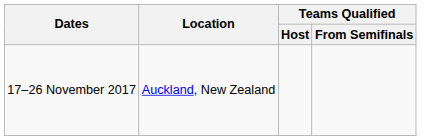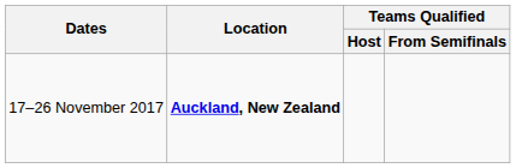 <table class=wikitable>
 <tr>
 <th rowspan=2>Dates</th>
 <th rowspan=2>Location</th>
 <th colspan=2>Teams Qualified</th>
 </tr>
 <tr>
 <th>Host</th>
 <th>From Semifinals</th>
 </tr>
 <tr>
 <td>17–26 November 2017</td>
-<td><a href='#'>Auckland</a>, New Zealand</td>
+<td><strong><a href='#'>Auckland</a>, New Zealand</strong></td>
 <td></td>
 <td><br><br><br><br><br><br></td>
 </tr>
 </table>
